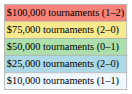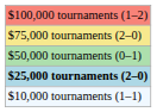 <table class="wikitable" style="font-size:85%">
 <tr bgcolor=f88379>
 <td>$100,000 tournaments (1–2)</td>
 </tr>
 <tr bgcolor=f7e98e>
 <td>$75,000 tournaments (2–0)</td>
 </tr>
 <tr bgcolor=addfad>
 <td>$50,000 tournaments (0–1)</td>
 </tr>
 <tr bgcolor=lightblue>
-<td>$25,000 tournaments (2–0)</td>
+<td><strong>$25,000 tournaments (2–0)</strong></td>
 </tr>
 <tr bgcolor=f0f8ff>
 <td>$10,000 tournaments (1–1)</td>
 </tr>
 </table>
